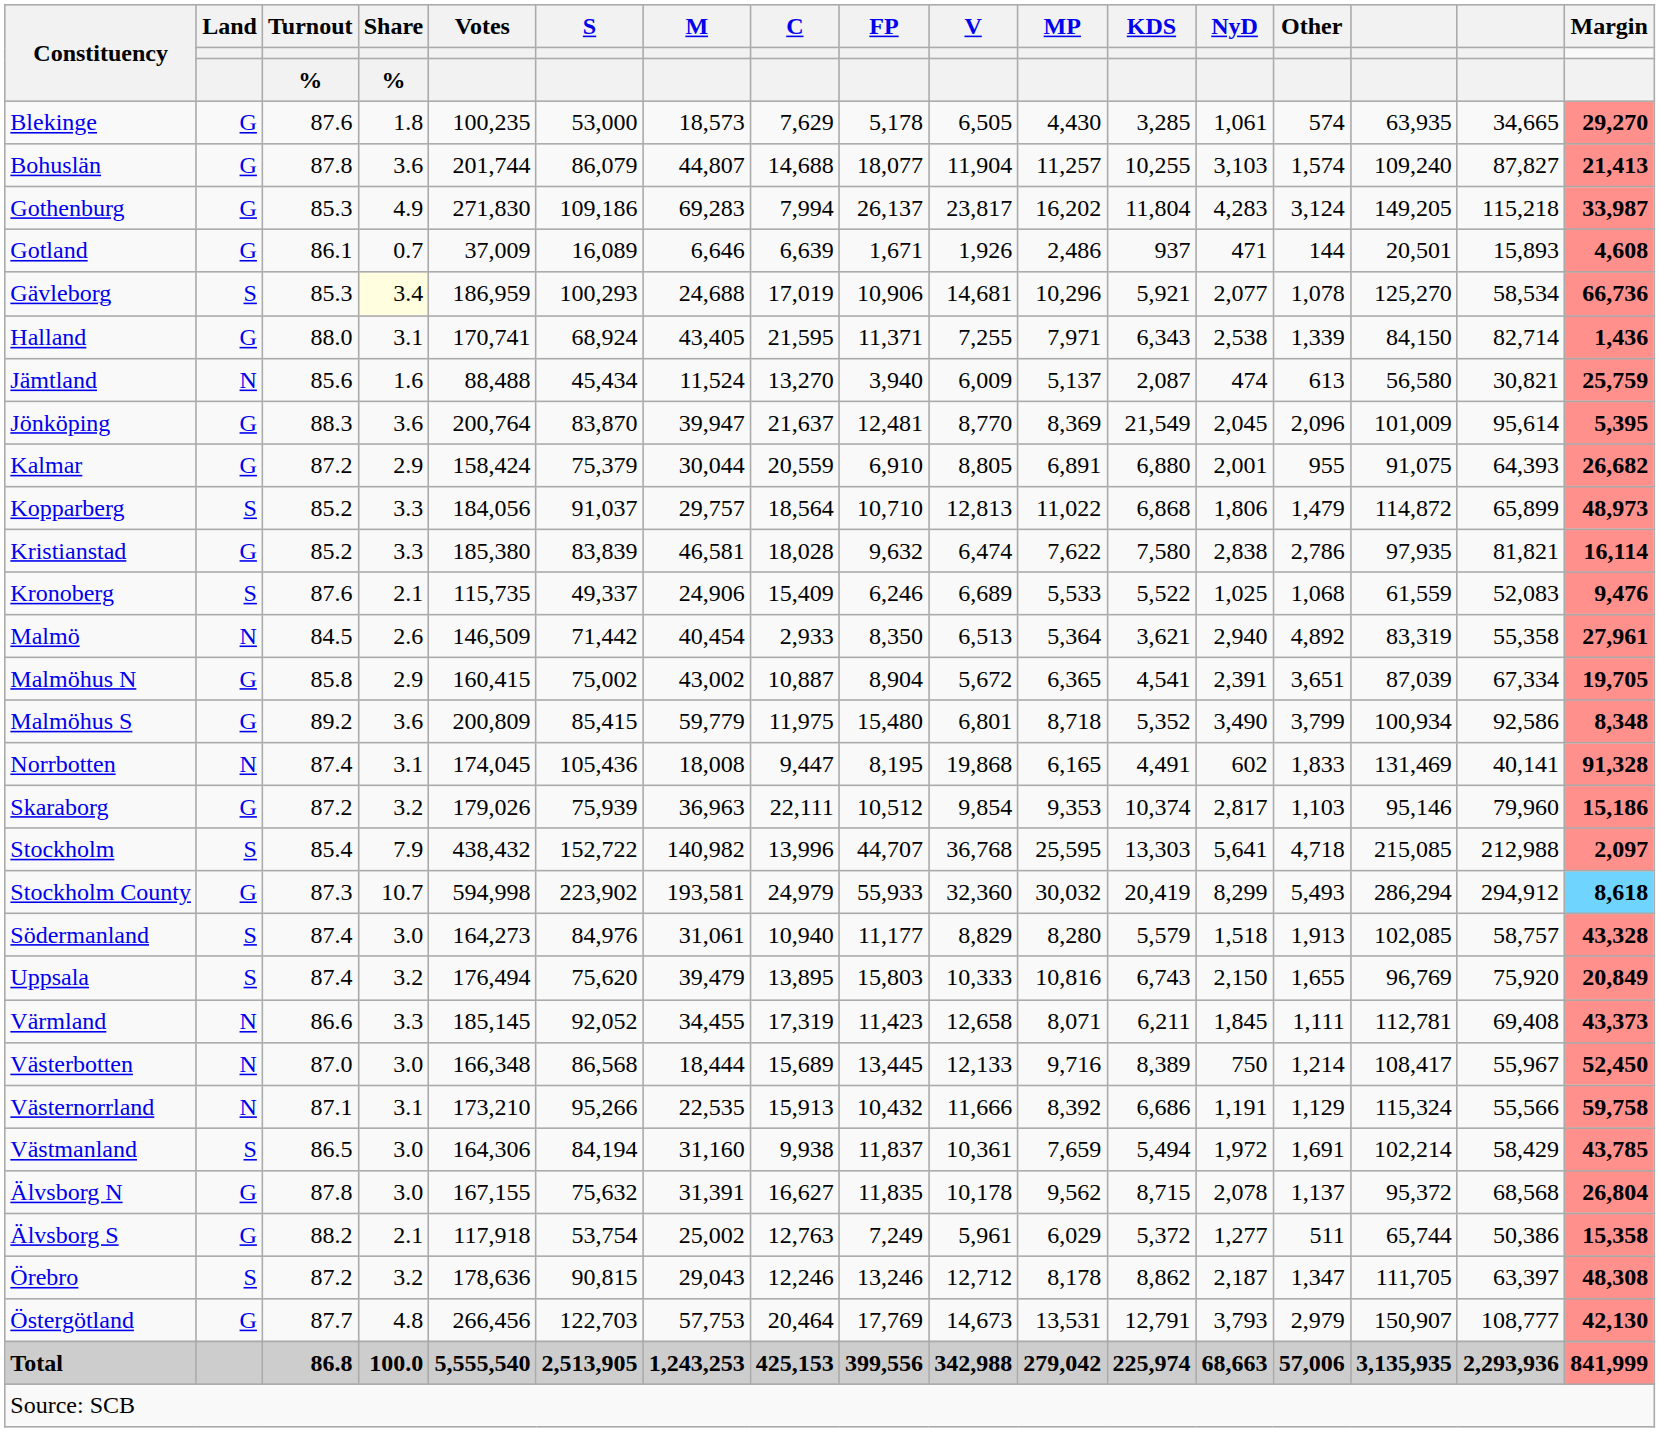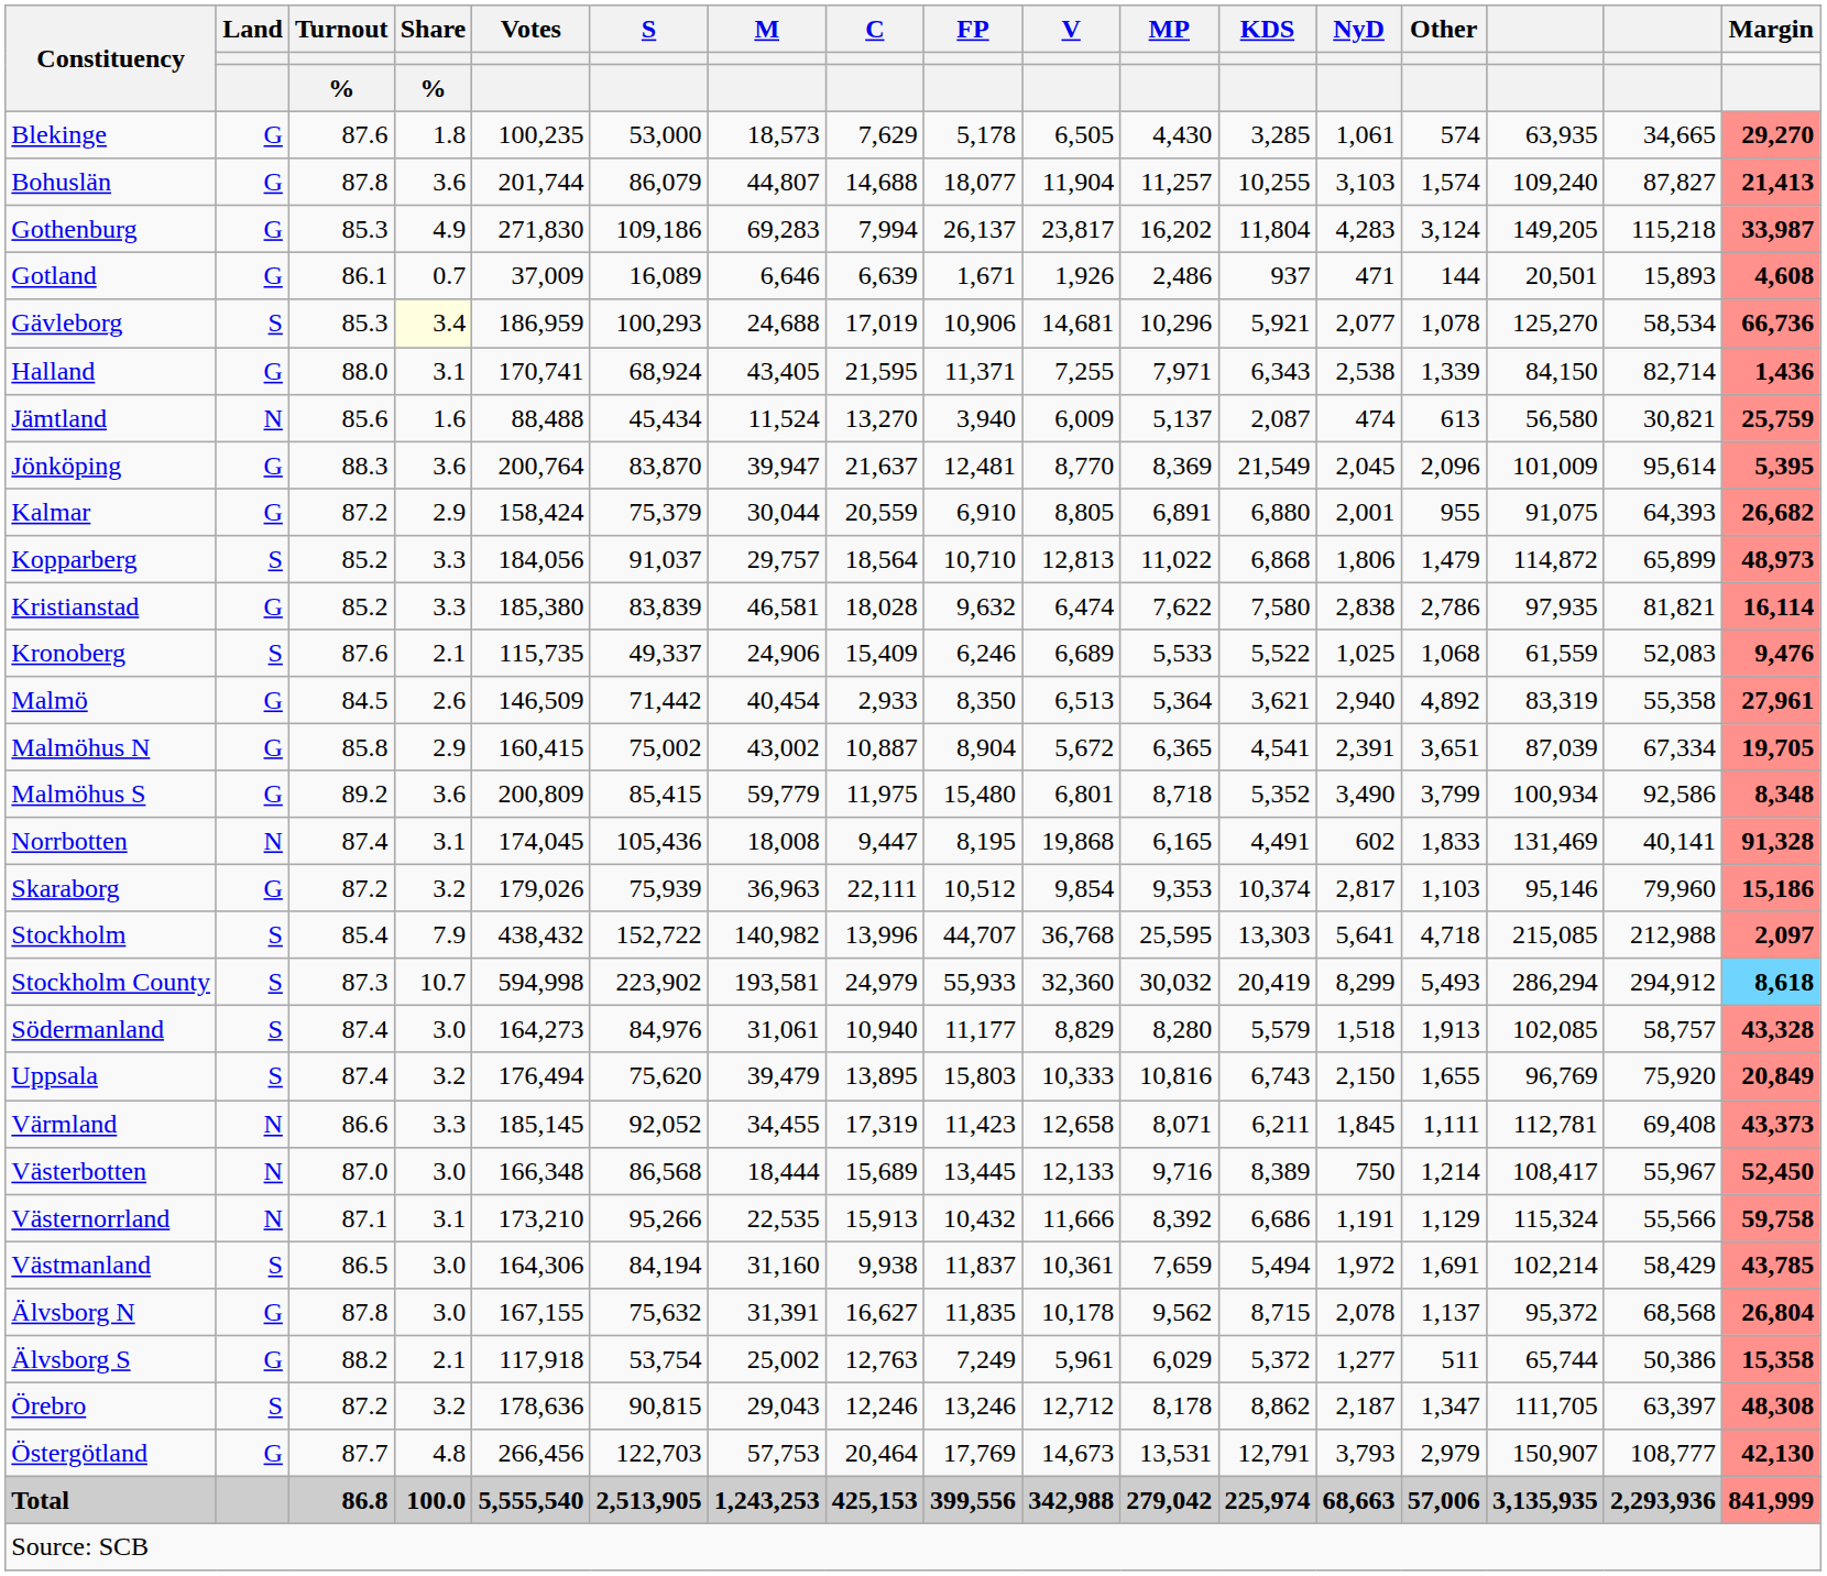 <table class="wikitable sortable" style="text-align:right; font-size:95%; line-height:20px;">
 <tr>
 <th rowspan="3">Constituency</th>
 <th>Land</th>
 <th>Turnout</th>
 <th>Share</th>
 <th>Votes</th>
 <th width="30px" class="unsortable"><a href='#'>S</a></th>
 <th width="30px" class="unsortable"><a href='#'>M</a></th>
 <th width="30px" class="unsortable"><a href='#'>C</a></th>
 <th width="30px" class="unsortable"><a href='#'>FP</a></th>
 <th width="30px" class="unsortable"><a href='#'>V</a></th>
 <th width="30px" class="unsortable"><a href='#'>MP</a></th>
 <th width="30px" class="unsortable"><a href='#'>KDS</a></th>
 <th width="30px" class="unsortable"><a href='#'>NyD</a></th>
 <th width="30px" class="unsortable">Other</th>
 <th></th>
 <th></th>
 <th>Margin</th>
 </tr>
 <tr>
 <th></th>
 <th></th>
 <th></th>
 <th></th>
 <th style="background:"></th>
 <th style="background:"></th>
 <th style="background:"></th>
 <th style="background:"></th>
 <th style="background:"></th>
 <th style="background:"></th>
 <th style="background:"></th>
 <th style="background:"></th>
 <th style="background:"></th>
 <th style="background:"></th>
 <th style="background:"></th>
 </tr>
 <tr>
 <th></th>
 <th data-sort-type="number">%</th>
 <th data-sort-type="number">%</th>
 <th></th>
 <th data-sort-type="number"></th>
 <th data-sort-type="number"></th>
 <th data-sort-type="number"></th>
 <th data-sort-type="number"></th>
 <th data-sort-type="number"></th>
 <th data-sort-type="number"></th>
 <th data-sort-type="number"></th>
 <th data-sort-type="number"></th>
 <th data-sort-type="number"></th>
 <th data-sort-type="number"></th>
 <th data-sort-type="number"></th>
 <th data-sort-type="number"></th>
 </tr>
 <tr>
 <td align=left><a href='#'>Blekinge</a></td>
 <td><a href='#'>G</a></td>
 <td>87.6</td>
 <td>1.8</td>
 <td>100,235</td>
 <td>53,000</td>
 <td>18,573</td>
 <td>7,629</td>
 <td>5,178</td>
 <td>6,505</td>
 <td>4,430</td>
 <td>3,285</td>
 <td>1,061</td>
 <td>574</td>
 <td>63,935</td>
 <td>34,665</td>
 <td bgcolor=#ff908c><strong>29,270</strong></td>
 </tr>
 <tr>
 <td align=left><a href='#'>Bohuslän</a></td>
 <td><a href='#'>G</a></td>
 <td>87.8</td>
 <td>3.6</td>
 <td>201,744</td>
 <td>86,079</td>
 <td>44,807</td>
 <td>14,688</td>
 <td>18,077</td>
 <td>11,904</td>
 <td>11,257</td>
 <td>10,255</td>
 <td>3,103</td>
 <td>1,574</td>
 <td>109,240</td>
 <td>87,827</td>
 <td bgcolor=#ff908c><strong>21,413</strong></td>
 </tr>
 <tr>
 <td align=left><a href='#'>Gothenburg</a></td>
 <td><a href='#'>G</a></td>
 <td>85.3</td>
 <td>4.9</td>
 <td>271,830</td>
 <td>109,186</td>
 <td>69,283</td>
 <td>7,994</td>
 <td>26,137</td>
 <td>23,817</td>
 <td>16,202</td>
 <td>11,804</td>
 <td>4,283</td>
 <td>3,124</td>
 <td>149,205</td>
 <td>115,218</td>
 <td bgcolor=#ff908c><strong>33,987</strong></td>
 </tr>
 <tr>
 <td align=left><a href='#'>Gotland</a></td>
 <td><a href='#'>G</a></td>
 <td>86.1</td>
 <td>0.7</td>
 <td>37,009</td>
 <td>16,089</td>
 <td>6,646</td>
 <td>6,639</td>
 <td>1,671</td>
 <td>1,926</td>
 <td>2,486</td>
 <td>937</td>
 <td>471</td>
 <td>144</td>
 <td>20,501</td>
 <td>15,893</td>
 <td bgcolor=#ff908c><strong>4,608</strong></td>
 </tr>
 <tr>
 <td align=left><a href='#'>Gävleborg</a></td>
 <td><a href='#'>S</a></td>
 <td>85.3</td>
 <td style="background: lightyellow;">3.4</td>
 <td>186,959</td>
 <td>100,293</td>
 <td>24,688</td>
 <td>17,019</td>
 <td>10,906</td>
 <td>14,681</td>
 <td>10,296</td>
 <td>5,921</td>
 <td>2,077</td>
 <td>1,078</td>
 <td>125,270</td>
 <td>58,534</td>
 <td bgcolor=#ff908c><strong>66,736</strong></td>
 </tr>
 <tr>
 <td align=left><a href='#'>Halland</a></td>
 <td><a href='#'>G</a></td>
 <td>88.0</td>
 <td>3.1</td>
 <td>170,741</td>
 <td>68,924</td>
 <td>43,405</td>
 <td>21,595</td>
 <td>11,371</td>
 <td>7,255</td>
 <td>7,971</td>
 <td>6,343</td>
 <td>2,538</td>
 <td>1,339</td>
 <td>84,150</td>
 <td>82,714</td>
 <td bgcolor=#ff908c><strong>1,436</strong></td>
 </tr>
 <tr>
 <td align=left><a href='#'>Jämtland</a></td>
 <td><a href='#'>N</a></td>
 <td>85.6</td>
 <td>1.6</td>
 <td>88,488</td>
 <td>45,434</td>
 <td>11,524</td>
 <td>13,270</td>
 <td>3,940</td>
 <td>6,009</td>
 <td>5,137</td>
 <td>2,087</td>
 <td>474</td>
 <td>613</td>
 <td>56,580</td>
 <td>30,821</td>
 <td bgcolor=#ff908c><strong>25,759</strong></td>
 </tr>
 <tr>
 <td align=left><a href='#'>Jönköping</a></td>
 <td><a href='#'>G</a></td>
 <td>88.3</td>
 <td>3.6</td>
 <td>200,764</td>
 <td>83,870</td>
 <td>39,947</td>
 <td>21,637</td>
 <td>12,481</td>
 <td>8,770</td>
 <td>8,369</td>
 <td>21,549</td>
 <td>2,045</td>
 <td>2,096</td>
 <td>101,009</td>
 <td>95,614</td>
 <td bgcolor=#ff908c><strong>5,395</strong></td>
 </tr>
 <tr>
 <td align=left><a href='#'>Kalmar</a></td>
 <td><a href='#'>G</a></td>
 <td>87.2</td>
 <td>2.9</td>
 <td>158,424</td>
 <td>75,379</td>
 <td>30,044</td>
 <td>20,559</td>
 <td>6,910</td>
 <td>8,805</td>
 <td>6,891</td>
 <td>6,880</td>
 <td>2,001</td>
 <td>955</td>
 <td>91,075</td>
 <td>64,393</td>
 <td bgcolor=#ff908c><strong>26,682</strong></td>
 </tr>
 <tr>
 <td align=left><a href='#'>Kopparberg</a></td>
 <td><a href='#'>S</a></td>
 <td>85.2</td>
 <td>3.3</td>
 <td>184,056</td>
 <td>91,037</td>
 <td>29,757</td>
 <td>18,564</td>
 <td>10,710</td>
 <td>12,813</td>
 <td>11,022</td>
 <td>6,868</td>
 <td>1,806</td>
 <td>1,479</td>
 <td>114,872</td>
 <td>65,899</td>
 <td bgcolor=#ff908c><strong>48,973</strong></td>
 </tr>
 <tr>
 <td align=left><a href='#'>Kristianstad</a></td>
 <td><a href='#'>G</a></td>
 <td>85.2</td>
 <td>3.3</td>
 <td>185,380</td>
 <td>83,839</td>
 <td>46,581</td>
 <td>18,028</td>
 <td>9,632</td>
 <td>6,474</td>
 <td>7,622</td>
 <td>7,580</td>
 <td>2,838</td>
 <td>2,786</td>
 <td>97,935</td>
 <td>81,821</td>
 <td bgcolor=#ff908c><strong>16,114</strong></td>
 </tr>
 <tr>
 <td align=left><a href='#'>Kronoberg</a></td>
 <td><a href='#'>S</a></td>
 <td>87.6</td>
 <td>2.1</td>
 <td>115,735</td>
 <td>49,337</td>
 <td>24,906</td>
 <td>15,409</td>
 <td>6,246</td>
 <td>6,689</td>
 <td>5,533</td>
 <td>5,522</td>
 <td>1,025</td>
 <td>1,068</td>
 <td>61,559</td>
 <td>52,083</td>
 <td bgcolor=#ff908c><strong>9,476</strong></td>
 </tr>
 <tr>
 <td align=left><a href='#'>Malmö</a></td>
-<td><a href='#'>N</a></td>
+<td><a href='#'>G</a></td>
 <td>84.5</td>
 <td>2.6</td>
 <td>146,509</td>
 <td>71,442</td>
 <td>40,454</td>
 <td>2,933</td>
 <td>8,350</td>
 <td>6,513</td>
 <td>5,364</td>
 <td>3,621</td>
 <td>2,940</td>
 <td>4,892</td>
 <td>83,319</td>
 <td>55,358</td>
 <td bgcolor=#ff908c><strong>27,961</strong></td>
 </tr>
 <tr>
 <td align=left><a href='#'>Malmöhus N</a></td>
 <td><a href='#'>G</a></td>
 <td>85.8</td>
 <td>2.9</td>
 <td>160,415</td>
 <td>75,002</td>
 <td>43,002</td>
 <td>10,887</td>
 <td>8,904</td>
 <td>5,672</td>
 <td>6,365</td>
 <td>4,541</td>
 <td>2,391</td>
 <td>3,651</td>
 <td>87,039</td>
 <td>67,334</td>
 <td bgcolor=#ff908c><strong>19,705</strong></td>
 </tr>
 <tr>
 <td align=left><a href='#'>Malmöhus S</a></td>
 <td><a href='#'>G</a></td>
 <td>89.2</td>
 <td>3.6</td>
 <td>200,809</td>
 <td>85,415</td>
 <td>59,779</td>
 <td>11,975</td>
 <td>15,480</td>
 <td>6,801</td>
 <td>8,718</td>
 <td>5,352</td>
 <td>3,490</td>
 <td>3,799</td>
 <td>100,934</td>
 <td>92,586</td>
 <td bgcolor=#ff908c><strong>8,348</strong></td>
 </tr>
 <tr>
 <td align=left><a href='#'>Norrbotten</a></td>
 <td><a href='#'>N</a></td>
 <td>87.4</td>
 <td>3.1</td>
 <td>174,045</td>
 <td>105,436</td>
 <td>18,008</td>
 <td>9,447</td>
 <td>8,195</td>
 <td>19,868</td>
 <td>6,165</td>
 <td>4,491</td>
 <td>602</td>
 <td>1,833</td>
 <td>131,469</td>
 <td>40,141</td>
 <td bgcolor=#ff908c><strong>91,328</strong></td>
 </tr>
 <tr>
 <td align=left><a href='#'>Skaraborg</a></td>
 <td><a href='#'>G</a></td>
 <td>87.2</td>
 <td>3.2</td>
 <td>179,026</td>
 <td>75,939</td>
 <td>36,963</td>
 <td>22,111</td>
 <td>10,512</td>
 <td>9,854</td>
 <td>9,353</td>
 <td>10,374</td>
 <td>2,817</td>
 <td>1,103</td>
 <td>95,146</td>
 <td>79,960</td>
 <td bgcolor=#ff908c><strong>15,186</strong></td>
 </tr>
 <tr>
 <td align=left><a href='#'>Stockholm</a></td>
 <td><a href='#'>S</a></td>
 <td>85.4</td>
 <td>7.9</td>
 <td>438,432</td>
 <td>152,722</td>
 <td>140,982</td>
 <td>13,996</td>
 <td>44,707</td>
 <td>36,768</td>
 <td>25,595</td>
 <td>13,303</td>
 <td>5,641</td>
 <td>4,718</td>
 <td>215,085</td>
 <td>212,988</td>
 <td bgcolor=#ff908c><strong>2,097</strong></td>
 </tr>
 <tr>
 <td align=left><a href='#'>Stockholm County</a></td>
-<td><a href='#'>G</a></td>
+<td><a href='#'>S</a></td>
 <td>87.3</td>
 <td>10.7</td>
 <td>594,998</td>
 <td>223,902</td>
 <td>193,581</td>
 <td>24,979</td>
 <td>55,933</td>
 <td>32,360</td>
 <td>30,032</td>
 <td>20,419</td>
 <td>8,299</td>
 <td>5,493</td>
 <td>286,294</td>
 <td>294,912</td>
 <td bgcolor=#6fd5fe><strong>8,618</strong></td>
 </tr>
 <tr>
 <td align=left><a href='#'>Södermanland</a></td>
 <td><a href='#'>S</a></td>
 <td>87.4</td>
 <td>3.0</td>
 <td>164,273</td>
 <td>84,976</td>
 <td>31,061</td>
 <td>10,940</td>
 <td>11,177</td>
 <td>8,829</td>
 <td>8,280</td>
 <td>5,579</td>
 <td>1,518</td>
 <td>1,913</td>
 <td>102,085</td>
 <td>58,757</td>
 <td bgcolor=#ff908c><strong>43,328</strong></td>
 </tr>
 <tr>
 <td align=left><a href='#'>Uppsala</a></td>
 <td><a href='#'>S</a></td>
 <td>87.4</td>
 <td>3.2</td>
 <td>176,494</td>
 <td>75,620</td>
 <td>39,479</td>
 <td>13,895</td>
 <td>15,803</td>
 <td>10,333</td>
 <td>10,816</td>
 <td>6,743</td>
 <td>2,150</td>
 <td>1,655</td>
 <td>96,769</td>
 <td>75,920</td>
 <td bgcolor=#ff908c><strong>20,849</strong></td>
 </tr>
 <tr>
 <td align=left><a href='#'>Värmland</a></td>
 <td><a href='#'>N</a></td>
 <td>86.6</td>
 <td>3.3</td>
 <td>185,145</td>
 <td>92,052</td>
 <td>34,455</td>
 <td>17,319</td>
 <td>11,423</td>
 <td>12,658</td>
 <td>8,071</td>
 <td>6,211</td>
 <td>1,845</td>
 <td>1,111</td>
 <td>112,781</td>
 <td>69,408</td>
 <td bgcolor=#ff908c><strong>43,373</strong></td>
 </tr>
 <tr>
 <td align=left><a href='#'>Västerbotten</a></td>
 <td><a href='#'>N</a></td>
 <td>87.0</td>
 <td>3.0</td>
 <td>166,348</td>
 <td>86,568</td>
 <td>18,444</td>
 <td>15,689</td>
 <td>13,445</td>
 <td>12,133</td>
 <td>9,716</td>
 <td>8,389</td>
 <td>750</td>
 <td>1,214</td>
 <td>108,417</td>
 <td>55,967</td>
 <td bgcolor=#ff908c><strong>52,450</strong></td>
 </tr>
 <tr>
 <td align=left><a href='#'>Västernorrland</a></td>
 <td><a href='#'>N</a></td>
 <td>87.1</td>
 <td>3.1</td>
 <td>173,210</td>
 <td>95,266</td>
 <td>22,535</td>
 <td>15,913</td>
 <td>10,432</td>
 <td>11,666</td>
 <td>8,392</td>
 <td>6,686</td>
 <td>1,191</td>
 <td>1,129</td>
 <td>115,324</td>
 <td>55,566</td>
 <td bgcolor=#ff908c><strong>59,758</strong></td>
 </tr>
 <tr>
 <td align=left><a href='#'>Västmanland</a></td>
 <td><a href='#'>S</a></td>
 <td>86.5</td>
 <td>3.0</td>
 <td>164,306</td>
 <td>84,194</td>
 <td>31,160</td>
 <td>9,938</td>
 <td>11,837</td>
 <td>10,361</td>
 <td>7,659</td>
 <td>5,494</td>
 <td>1,972</td>
 <td>1,691</td>
 <td>102,214</td>
 <td>58,429</td>
 <td bgcolor=#ff908c><strong>43,785</strong></td>
 </tr>
 <tr>
 <td align=left><a href='#'>Älvsborg N</a></td>
 <td><a href='#'>G</a></td>
 <td>87.8</td>
 <td>3.0</td>
 <td>167,155</td>
 <td>75,632</td>
 <td>31,391</td>
 <td>16,627</td>
 <td>11,835</td>
 <td>10,178</td>
 <td>9,562</td>
 <td>8,715</td>
 <td>2,078</td>
 <td>1,137</td>
 <td>95,372</td>
 <td>68,568</td>
 <td bgcolor=#ff908c><strong>26,804</strong></td>
 </tr>
 <tr>
 <td align=left><a href='#'>Älvsborg S</a></td>
 <td><a href='#'>G</a></td>
 <td>88.2</td>
 <td>2.1</td>
 <td>117,918</td>
 <td>53,754</td>
 <td>25,002</td>
 <td>12,763</td>
 <td>7,249</td>
 <td>5,961</td>
 <td>6,029</td>
 <td>5,372</td>
 <td>1,277</td>
 <td>511</td>
 <td>65,744</td>
 <td>50,386</td>
 <td bgcolor=#ff908c><strong>15,358</strong></td>
 </tr>
 <tr>
 <td align=left><a href='#'>Örebro</a></td>
 <td><a href='#'>S</a></td>
 <td>87.2</td>
 <td>3.2</td>
 <td>178,636</td>
 <td>90,815</td>
 <td>29,043</td>
 <td>12,246</td>
 <td>13,246</td>
 <td>12,712</td>
 <td>8,178</td>
 <td>8,862</td>
 <td>2,187</td>
 <td>1,347</td>
 <td>111,705</td>
 <td>63,397</td>
 <td bgcolor=#ff908c><strong>48,308</strong></td>
 </tr>
 <tr>
 <td align=left><a href='#'>Östergötland</a></td>
 <td><a href='#'>G</a></td>
 <td>87.7</td>
 <td>4.8</td>
 <td>266,456</td>
 <td>122,703</td>
 <td>57,753</td>
 <td>20,464</td>
 <td>17,769</td>
 <td>14,673</td>
 <td>13,531</td>
 <td>12,791</td>
 <td>3,793</td>
 <td>2,979</td>
 <td>150,907</td>
 <td>108,777</td>
 <td bgcolor=#ff908c><strong>42,130</strong></td>
 </tr>
 <tr>
 </tr>
 <tr style="background:#CDCDCD;">
 <td align=left><strong>Total</strong></td>
 <td></td>
 <td><strong>86.8</strong></td>
 <td><strong>100.0</strong></td>
 <td><strong>5,555,540</strong></td>
 <td><strong>2,513,905</strong></td>
 <td><strong>1,243,253</strong></td>
 <td><strong>425,153</strong></td>
 <td><strong>399,556</strong></td>
 <td><strong>342,988</strong></td>
 <td><strong>279,042</strong></td>
 <td><strong>225,974</strong></td>
 <td><strong>68,663</strong></td>
 <td><strong>57,006</strong></td>
 <td><strong>3,135,935</strong></td>
 <td><strong>2,293,936</strong></td>
 <td bgcolor=#ff908c><strong>841,999</strong></td>
 </tr>
 <tr>
 <td align=left colspan=17>Source: SCB </td>
 </tr>
 </table>
